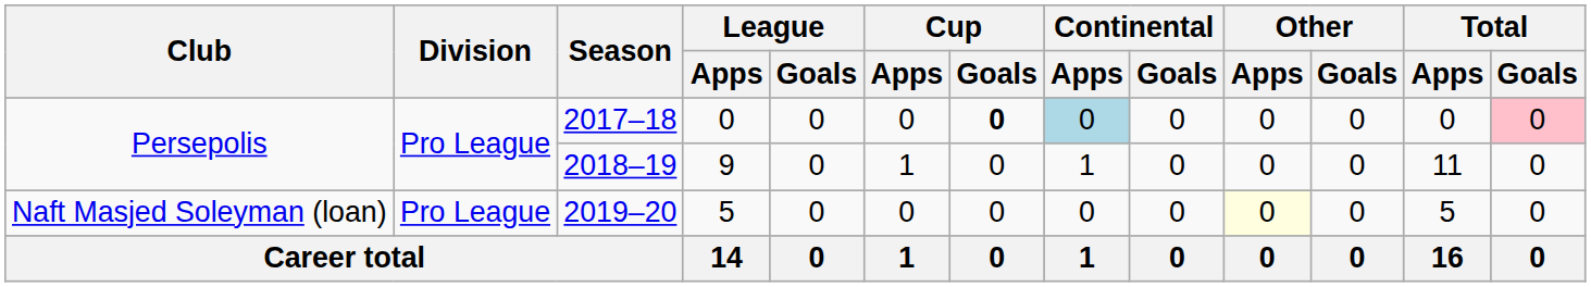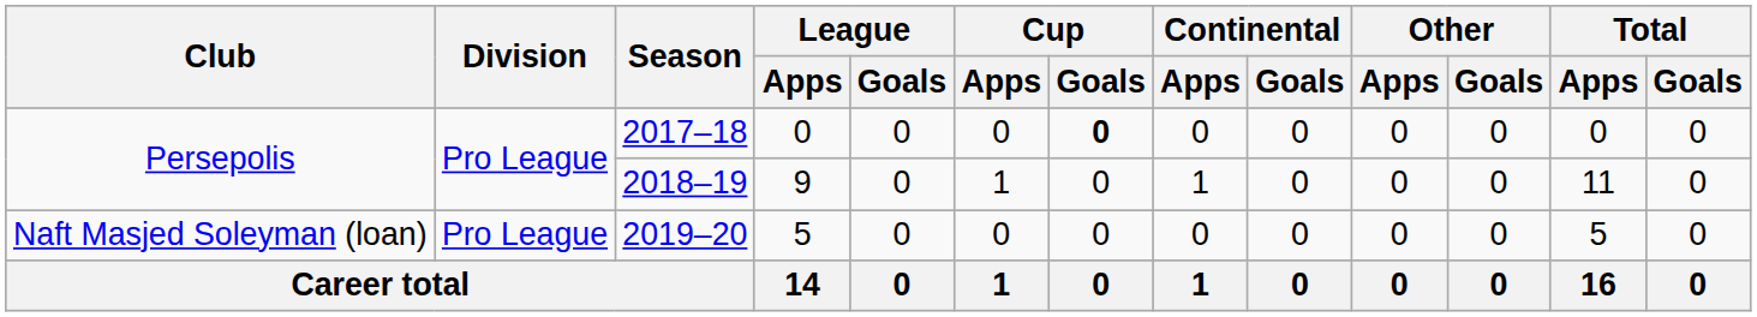 <table class="wikitable" style="text-align: center;">
 <tr>
 <th rowspan="2">Club</th>
 <th rowspan="2">Division</th>
 <th rowspan="2">Season</th>
 <th colspan="2">League</th>
 <th colspan="2">Cup</th>
 <th colspan="2">Continental</th>
 <th colspan="2">Other</th>
 <th colspan="2">Total</th>
 </tr>
 <tr>
 <th>Apps</th>
 <th>Goals</th>
 <th>Apps</th>
 <th>Goals</th>
 <th>Apps</th>
 <th>Goals</th>
 <th>Apps</th>
 <th>Goals</th>
 <th>Apps</th>
 <th>Goals</th>
 </tr>
 <tr>
 <td rowspan="2"><a href='#'>Persepolis</a></td>
 <td rowspan="2"><a href='#'>Pro League</a></td>
 <td><a href='#'>2017–18</a></td>
 <td>0</td>
 <td>0</td>
 <td>0</td>
 <td><strong>0</strong></td>
-<td style="background: lightblue;">0</td>
 <td>0</td>
 <td>0</td>
 <td>0</td>
 <td>0</td>
-<td style="background: pink;">0</td>
+<td>0</td>
+<td>0</td>
 </tr>
 <tr>
 <td><a href='#'>2018–19</a></td>
 <td>9</td>
 <td>0</td>
 <td>1</td>
 <td>0</td>
 <td>1</td>
 <td>0</td>
 <td>0</td>
 <td>0</td>
 <td>11</td>
 <td>0</td>
 </tr>
 <tr>
 <td rowspan="1"><a href='#'>Naft Masjed Soleyman</a> (loan)</td>
 <td rowspan="1"><a href='#'>Pro League</a></td>
 <td><a href='#'>2019–20</a></td>
 <td>5</td>
 <td>0</td>
 <td>0</td>
 <td>0</td>
 <td>0</td>
 <td>0</td>
-<td style="background: lightyellow;">0</td>
+<td>0</td>
 <td>0</td>
 <td>5</td>
 <td>0</td>
 </tr>
 <tr>
 <th colspan=3>Career total</th>
 <th>14</th>
 <th>0</th>
 <th>1</th>
 <th>0</th>
 <th>1</th>
 <th>0</th>
 <th>0</th>
 <th>0</th>
 <th>16</th>
 <th>0</th>
 </tr>
 </table>
